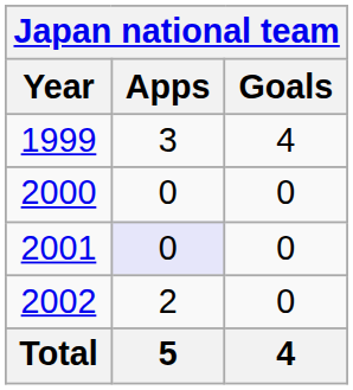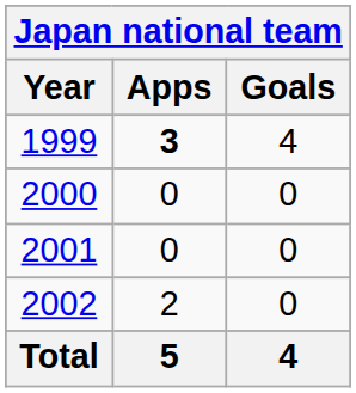 <table class="wikitable" style="text-align:center">
 <tr>
 <th colspan=3><a href='#'>Japan national team</a></th>
 </tr>
 <tr>
 <th>Year</th>
 <th>Apps</th>
 <th>Goals</th>
 </tr>
 <tr>
 <td><a href='#'>1999</a></td>
-<td>3</td>
+<td><strong>3</strong></td>
 <td>4</td>
 </tr>
 <tr>
 <td><a href='#'>2000</a></td>
 <td>0</td>
 <td>0</td>
 </tr>
 <tr>
 <td><a href='#'>2001</a></td>
-<td style="background: lavender;">0</td>
+<td>0</td>
 <td>0</td>
 </tr>
 <tr>
 <td><a href='#'>2002</a></td>
 <td>2</td>
 <td>0</td>
 </tr>
 <tr>
 <th>Total</th>
 <th>5</th>
 <th>4</th>
 </tr>
 </table>
